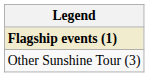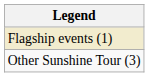 <table class="wikitable" style="font-size:95%;">
 <tr>
 <th>Legend</th>
 </tr>
 <tr style="background:#f2ecce;">
-<td><strong>Flagship events (1)</strong></td>
+<td>Flagship events (1)</td>
 </tr>
 <tr>
 <td>Other Sunshine Tour (3)</td>
 </tr>
 </table>
